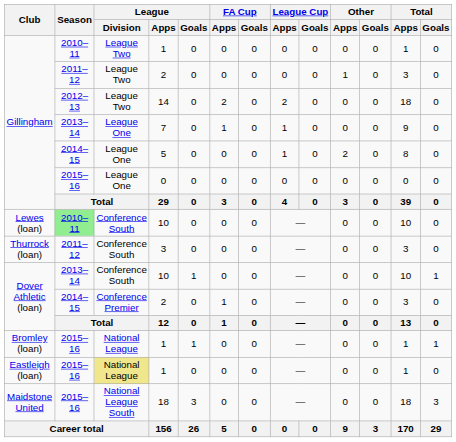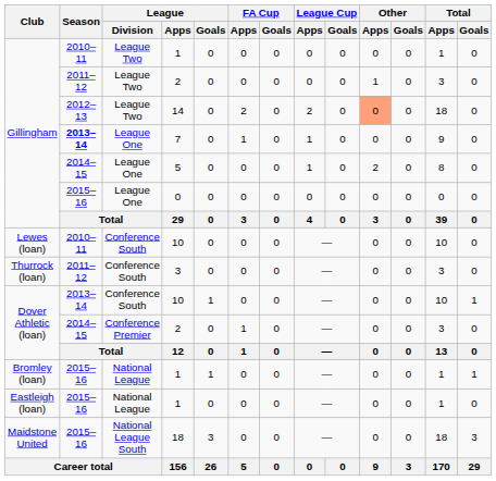 <table class="wikitable" style="text-align: center;">
 <tr>
 <th rowspan="2">Club</th>
 <th rowspan="2">Season</th>
 <th colspan="3">League</th>
 <th colspan="2"><a href='#'>FA Cup</a></th>
 <th colspan="2"><a href='#'>League Cup</a></th>
 <th colspan="2">Other</th>
 <th colspan="2">Total</th>
 </tr>
 <tr>
 <th>Division</th>
 <th>Apps</th>
 <th>Goals</th>
 <th>Apps</th>
 <th>Goals</th>
 <th>Apps</th>
 <th>Goals</th>
 <th>Apps</th>
 <th>Goals</th>
 <th>Apps</th>
 <th>Goals</th>
 </tr>
 <tr>
 <td rowspan="7" valign="center"><a href='#'>Gillingham</a></td>
 <td><a href='#'>2010–11</a></td>
 <td><a href='#'>League Two</a></td>
 <td>1</td>
 <td>0</td>
 <td>0</td>
 <td>0</td>
 <td>0</td>
 <td>0</td>
 <td>0</td>
 <td>0</td>
 <td>1</td>
 <td>0</td>
 </tr>
 <tr>
 <td><a href='#'>2011–12</a></td>
 <td>League Two</td>
 <td>2</td>
 <td>0</td>
 <td>0</td>
 <td>0</td>
 <td>0</td>
 <td>0</td>
 <td>1</td>
 <td>0</td>
 <td>3</td>
 <td>0</td>
 </tr>
 <tr>
 <td><a href='#'>2012–13</a></td>
 <td>League Two</td>
 <td>14</td>
 <td>0</td>
 <td>2</td>
 <td>0</td>
 <td>2</td>
 <td>0</td>
-<td>0</td>
+<td style="background: lightsalmon;">0</td>
 <td>0</td>
 <td>18</td>
 <td>0</td>
 </tr>
 <tr>
-<td><a href='#'>2013–14</a></td>
+<td><strong><a href='#'>2013–14</a></strong></td>
 <td><a href='#'>League One</a></td>
 <td>7</td>
 <td>0</td>
 <td>1</td>
 <td>0</td>
 <td>1</td>
 <td>0</td>
 <td>0</td>
 <td>0</td>
 <td>9</td>
 <td>0</td>
 </tr>
 <tr>
 <td><a href='#'>2014–15</a></td>
 <td>League One</td>
 <td>5</td>
 <td>0</td>
 <td>0</td>
 <td>0</td>
 <td>1</td>
 <td>0</td>
 <td>2</td>
 <td>0</td>
 <td>8</td>
 <td>0</td>
 </tr>
 <tr>
 <td><a href='#'>2015–16</a></td>
 <td>League One</td>
 <td>0</td>
 <td>0</td>
 <td>0</td>
 <td>0</td>
 <td>0</td>
 <td>0</td>
 <td>0</td>
 <td>0</td>
 <td>0</td>
 <td>0</td>
 </tr>
 <tr>
 <th colspan="2">Total</th>
 <th>29</th>
 <th>0</th>
 <th>3</th>
 <th>0</th>
 <th>4</th>
 <th>0</th>
 <th>3</th>
 <th>0</th>
 <th>39</th>
 <th>0</th>
 </tr>
 <tr>
 <td rowspan="1" valign="center"><a href='#'>Lewes</a> (loan)</td>
-<td style="background: lightgreen;"><a href='#'>2010–11</a></td>
+<td><a href='#'>2010–11</a></td>
 <td><a href='#'>Conference South</a></td>
 <td>10</td>
 <td>0</td>
 <td>0</td>
 <td>0</td>
 <td colspan="2">—</td>
 <td>0</td>
 <td>0</td>
 <td>10</td>
 <td>0</td>
 </tr>
 <tr>
 <td rowspan="1" valign="center"><a href='#'>Thurrock</a> (loan)</td>
 <td><a href='#'>2011–12</a></td>
 <td>Conference South</td>
 <td>3</td>
 <td>0</td>
 <td>0</td>
 <td>0</td>
 <td colspan="2">—</td>
 <td>0</td>
 <td>0</td>
 <td>3</td>
 <td>0</td>
 </tr>
 <tr>
 <td rowspan="3" valign="center"><a href='#'>Dover Athletic</a> (loan)</td>
 <td><a href='#'>2013–14</a></td>
 <td>Conference South</td>
 <td>10</td>
 <td>1</td>
 <td>0</td>
 <td>0</td>
 <td colspan="2">—</td>
 <td>0</td>
 <td>0</td>
 <td>10</td>
 <td>1</td>
 </tr>
 <tr>
 <td><a href='#'>2014–15</a></td>
 <td><a href='#'>Conference Premier</a></td>
 <td>2</td>
 <td>0</td>
 <td>1</td>
 <td>0</td>
 <td colspan="2">—</td>
 <td>0</td>
 <td>0</td>
 <td>3</td>
 <td>0</td>
 </tr>
 <tr>
 <th colspan="2">Total</th>
 <th>12</th>
 <th>0</th>
 <th>1</th>
 <th>0</th>
 <th colspan="2">—</th>
 <th>0</th>
 <th>0</th>
 <th>13</th>
 <th>0</th>
 </tr>
 <tr>
 <td rowspan="1" valign="center"><a href='#'>Bromley</a> (loan)</td>
 <td><a href='#'>2015–16</a></td>
 <td><a href='#'>National League</a></td>
 <td>1</td>
 <td>1</td>
 <td>0</td>
 <td>0</td>
 <td colspan="2">—</td>
 <td>0</td>
 <td>0</td>
 <td>1</td>
 <td>1</td>
 </tr>
 <tr>
 <td rowspan="1" valign="center"><a href='#'>Eastleigh</a> (loan)</td>
 <td><a href='#'>2015–16</a></td>
-<td style="background: khaki;">National League</td>
+<td>National League</td>
 <td>1</td>
 <td>0</td>
 <td>0</td>
 <td>0</td>
 <td colspan="2">—</td>
 <td>0</td>
 <td>0</td>
 <td>1</td>
 <td>0</td>
 </tr>
 <tr>
 <td rowspan="1" valign="center"><a href='#'>Maidstone United</a></td>
 <td><a href='#'>2015–16</a></td>
 <td><a href='#'>National League South</a></td>
 <td>18</td>
 <td>3</td>
 <td>0</td>
 <td>0</td>
 <td colspan="2">—</td>
 <td>0</td>
 <td>0</td>
 <td>18</td>
 <td>3</td>
 </tr>
 <tr>
 <th colspan="3">Career total</th>
 <th>156</th>
 <th>26</th>
 <th>5</th>
 <th>0</th>
 <th>0</th>
 <th>0</th>
 <th>9</th>
 <th>3</th>
 <th>170</th>
 <th>29</th>
 </tr>
 </table>
